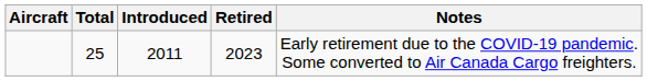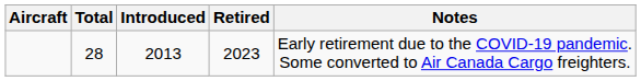 <table class="wikitable" style="text-align:center;margin:auto;">
 <tr>
 <th>Aircraft</th>
 <th>Total</th>
 <th>Introduced</th>
 <th>Retired</th>
 <th>Notes</th>
 </tr>
 <tr>
 <td></td>
-<td>25</td>
-<td>2011</td>
+<td>28</td>
+<td>2013</td>
 <td>2023</td>
 <td>Early retirement due to the <a href='#'>COVID-19 pandemic</a>.<br>Some converted to <a href='#'>Air Canada Cargo</a> freighters.</td>
 </tr>
 </table>
